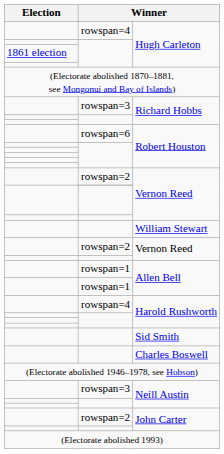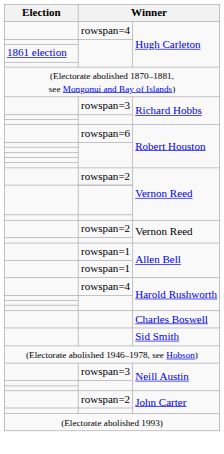 <table class="wikitable">
 <tr>
 <th width=100>Election</th>
 <th width=175 colspan=2>Winner</th>
 </tr>
 <tr>
 <td></td>
 <td>rowspan=4 </td>
 <td rowspan=4><a href='#'>Hugh Carleton</a></td>
 </tr>
 <tr>
 <td></td>
 </tr>
 <tr>
 <td><a href='#'>1861 election</a></td>
 </tr>
 <tr>
 <td></td>
 </tr>
 <tr>
 <td colspan=3 align=center><small>(Electorate abolished 1870–1881,<br> see <a href='#'>Mongonui and Bay of Islands</a>)</small></td>
 </tr>
 <tr>
 <td></td>
 <td>rowspan=3 </td>
 <td rowspan=3><a href='#'>Richard Hobbs</a></td>
 </tr>
 <tr>
 <td></td>
 </tr>
 <tr>
 <td></td>
 </tr>
 <tr>
 <td></td>
 <td>rowspan=6 </td>
 <td rowspan=6><a href='#'>Robert Houston</a></td>
 </tr>
 <tr>
 <td></td>
 </tr>
 <tr>
 <td></td>
 </tr>
 <tr>
 <td></td>
 </tr>
 <tr>
 <td></td>
 </tr>
 <tr>
 <td></td>
 </tr>
 <tr>
 <td></td>
 <td>rowspan=2 </td>
 <td rowspan=4><a href='#'>Vernon Reed</a></td>
 </tr>
 <tr>
 <td rowspan=2 height=36></td>
 </tr>
 <tr>
 <td></td>
 </tr>
 <tr>
 <td></td>
 </tr>
 <tr>
 <td></td>
-<td></td>
-<td><a href='#'>William Stewart</a></td>
-</tr>
-<tr>
-<td></td>
 <td>rowspan=2 </td>
 <td rowspan=2>Vernon Reed</td>
 </tr>
 <tr>
 <td></td>
 </tr>
 <tr>
 <td></td>
 <td>rowspan=1 </td>
 <td rowspan=2><a href='#'>Allen Bell</a></td>
 </tr>
 <tr>
 <td></td>
 <td>rowspan=1 </td>
 </tr>
 <tr>
 <td></td>
 <td>rowspan=4 </td>
 <td rowspan=4><a href='#'>Harold Rushworth</a></td>
 </tr>
 <tr>
 <td></td>
 </tr>
 <tr>
 <td></td>
 </tr>
 <tr>
 <td></td>
 </tr>
 <tr>
 <td></td>
 <td></td>
-<td><a href='#'>Sid Smith</a></td>
+<td rowspan=1><a href='#'>Charles Boswell</a></td>
 </tr>
 <tr>
 <td></td>
 <td></td>
-<td rowspan=1><a href='#'>Charles Boswell</a></td>
+<td><a href='#'>Sid Smith</a></td>
 </tr>
 <tr>
 <td colspan=3 align=center><small>(Electorate abolished 1946–1978, see <a href='#'>Hobson</a>)</small></td>
 </tr>
 <tr>
 <td></td>
 <td>rowspan=3 </td>
 <td rowspan=3><a href='#'>Neill Austin</a></td>
 </tr>
 <tr>
 <td></td>
 </tr>
 <tr>
 <td></td>
 </tr>
 <tr>
 <td></td>
 <td>rowspan=2 </td>
 <td rowspan=2><a href='#'>John Carter</a></td>
 </tr>
 <tr>
 <td></td>
 </tr>
 <tr>
 <td colspan=3 align=center><small>(Electorate abolished 1993)</small></td>
 </tr>
 </table>
